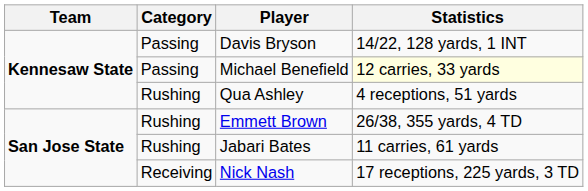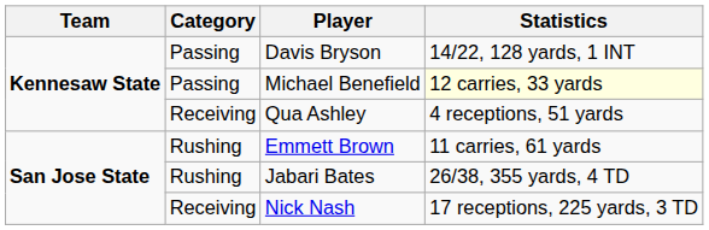 <table class="wikitable" style="float: right;">
 <tr>
 <th>Team</th>
 <th>Category</th>
 <th>Player</th>
 <th>Statistics</th>
 </tr>
 <tr>
 <td rowspan=3><strong>Kennesaw State</strong></td>
 <td>Passing</td>
 <td>Davis Bryson</td>
 <td>14/22, 128 yards, 1 INT</td>
 </tr>
 <tr>
 <td>Passing</td>
 <td>Michael Benefield</td>
 <td style="background: lightyellow;">12 carries, 33 yards</td>
 </tr>
 <tr>
-<td>Rushing</td>
+<td>Receiving</td>
 <td>Qua Ashley</td>
 <td>4 receptions, 51 yards</td>
 </tr>
 <tr>
 <td rowspan=3><strong>San Jose State</strong></td>
 <td>Rushing</td>
 <td><a href='#'>Emmett Brown</a></td>
-<td>26/38, 355 yards, 4 TD</td>
+<td>11 carries, 61 yards</td>
 </tr>
 <tr>
 <td>Rushing</td>
 <td>Jabari Bates</td>
-<td>11 carries, 61 yards</td>
+<td>26/38, 355 yards, 4 TD</td>
 </tr>
 <tr>
 <td>Receiving</td>
 <td><a href='#'>Nick Nash</a></td>
 <td>17 receptions, 225 yards, 3 TD</td>
 </tr>
 </table>
